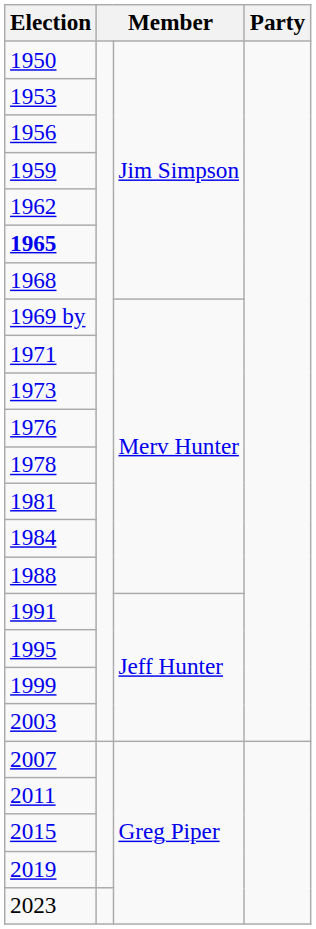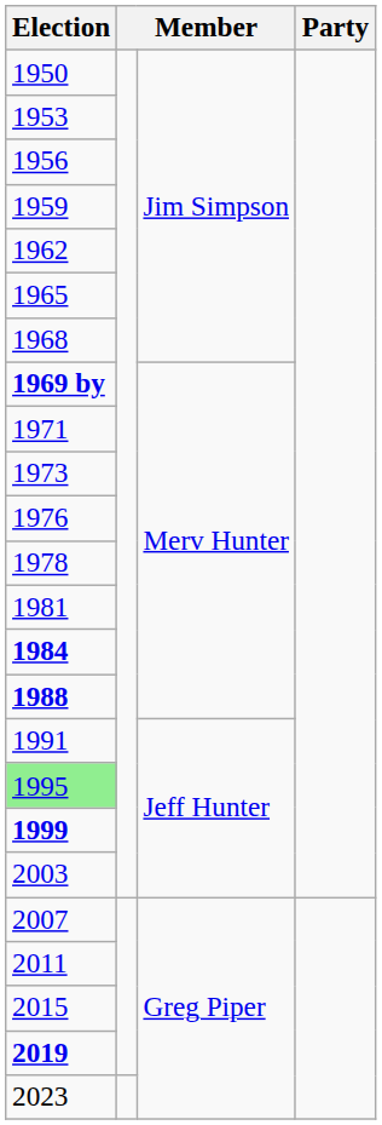 <table class="wikitable">
 <tr>
 <th>Election</th>
 <th colspan="2">Member</th>
 <th>Party</th>
 </tr>
 <tr>
 <td><a href='#'>1950</a></td>
 <td rowspan="19" > </td>
 <td rowspan="7"><a href='#'>Jim Simpson</a></td>
 <td rowspan="19"></td>
 </tr>
 <tr>
 <td><a href='#'>1953</a></td>
 </tr>
 <tr>
 <td><a href='#'>1956</a></td>
 </tr>
 <tr>
 <td><a href='#'>1959</a></td>
 </tr>
 <tr>
 <td><a href='#'>1962</a></td>
 </tr>
 <tr>
-<td><strong><a href='#'>1965</a></strong></td>
+<td><a href='#'>1965</a></td>
 </tr>
 <tr>
 <td><a href='#'>1968</a></td>
 </tr>
 <tr>
-<td><a href='#'>1969 by</a></td>
+<td><strong><a href='#'>1969 by</a></strong></td>
 <td rowspan="8"><a href='#'>Merv Hunter</a></td>
 </tr>
 <tr>
 <td><a href='#'>1971</a></td>
 </tr>
 <tr>
 <td><a href='#'>1973</a></td>
 </tr>
 <tr>
 <td><a href='#'>1976</a></td>
 </tr>
 <tr>
 <td><a href='#'>1978</a></td>
 </tr>
 <tr>
 <td><a href='#'>1981</a></td>
 </tr>
 <tr>
-<td><a href='#'>1984</a></td>
+<td><strong><a href='#'>1984</a></strong></td>
 </tr>
 <tr>
-<td><a href='#'>1988</a></td>
+<td><strong><a href='#'>1988</a></strong></td>
 </tr>
 <tr>
 <td><a href='#'>1991</a></td>
 <td rowspan="4"><a href='#'>Jeff Hunter</a></td>
 </tr>
 <tr>
-<td><a href='#'>1995</a></td>
+<td style="background: lightgreen;"><a href='#'>1995</a></td>
 </tr>
 <tr>
-<td><a href='#'>1999</a></td>
+<td><strong><a href='#'>1999</a></strong></td>
 </tr>
 <tr>
 <td><a href='#'>2003</a></td>
 </tr>
 <tr>
 <td><a href='#'>2007</a></td>
 <td rowspan="4" > </td>
 <td rowspan="5"><a href='#'>Greg Piper</a></td>
 <td rowspan="5"></td>
 </tr>
 <tr>
 <td><a href='#'>2011</a></td>
 </tr>
 <tr>
 <td><a href='#'>2015</a></td>
 </tr>
 <tr>
-<td><a href='#'>2019</a></td>
+<td><strong><a href='#'>2019</a></strong></td>
 </tr>
 <tr>
 <td>2023</td>
 <td></td>
 </tr>
 </table>
